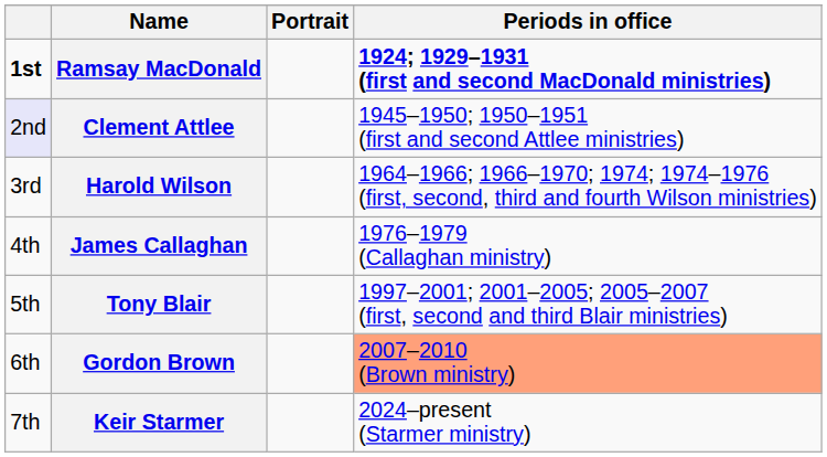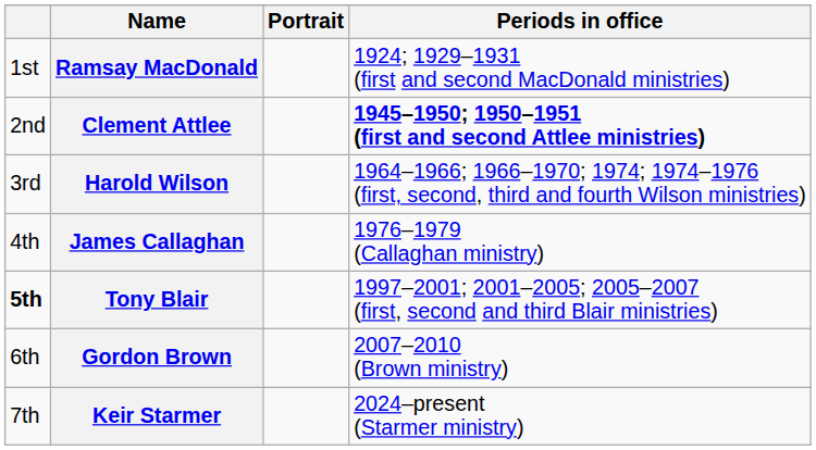 <table class="sortable wikitable plainrowheaders">
 <tr>
 </tr>
 <tr>
 <th scope="col"></th>
 <th scope="col">Name</th>
 <th scope="col">Portrait</th>
 <th scope="col">Periods in office</th>
 </tr>
 <tr>
-<td><strong>1st</strong></td>
+<td>1st</td>
 <th scope="row"><a href='#'>Ramsay MacDonald</a></th>
 <td></td>
-<td><strong><a href='#'>1924</a>; <a href='#'>1929</a>–<a href='#'>1931</a><br>(<a href='#'>first</a> <a href='#'>and second MacDonald ministries</a>)</strong></td>
+<td><a href='#'>1924</a>; <a href='#'>1929</a>–<a href='#'>1931</a><br>(<a href='#'>first</a> <a href='#'>and second MacDonald ministries</a>)</td>
 </tr>
 <tr>
-<td style="background: lavender;">2nd</td>
+<td>2nd</td>
 <th scope="row"><a href='#'>Clement Attlee</a></th>
 <td></td>
-<td><a href='#'>1945</a>–<a href='#'>1950</a>; <a href='#'>1950</a>–<a href='#'>1951</a><br>(<a href='#'>first and second Attlee ministries</a>)</td>
+<td><strong><a href='#'>1945</a>–<a href='#'>1950</a>; <a href='#'>1950</a>–<a href='#'>1951</a><br>(<a href='#'>first and second Attlee ministries</a>)</strong></td>
 </tr>
 <tr>
 <td>3rd</td>
 <th scope="row"><a href='#'>Harold Wilson</a></th>
 <td></td>
 <td><a href='#'>1964</a>–<a href='#'>1966</a>; <a href='#'>1966</a>–<a href='#'>1970</a>; <a href='#'>1974</a>; <a href='#'>1974</a>–<a href='#'>1976</a><br>(<a href='#'>first, second</a>, <a href='#'>third and fourth Wilson ministries</a>)</td>
 </tr>
 <tr>
 <td>4th</td>
 <th scope="row"><a href='#'>James Callaghan</a></th>
 <td></td>
 <td><a href='#'>1976</a>–<a href='#'>1979</a><br>(<a href='#'>Callaghan ministry</a>)</td>
 </tr>
 <tr>
-<td>5th</td>
+<td><strong>5th</strong></td>
 <th scope="row"><a href='#'>Tony Blair</a></th>
 <td></td>
 <td><a href='#'>1997</a>–<a href='#'>2001</a>; <a href='#'>2001</a>–<a href='#'>2005</a>; <a href='#'>2005</a>–<a href='#'>2007</a><br>(<a href='#'>first</a>, <a href='#'>second</a> <a href='#'>and third Blair ministries</a>)</td>
 </tr>
 <tr>
 <td>6th</td>
 <th scope="row"><a href='#'>Gordon Brown</a></th>
 <td></td>
-<td style="background: lightsalmon;"><a href='#'>2007</a>–<a href='#'>2010</a><br>(<a href='#'>Brown ministry</a>)</td>
+<td><a href='#'>2007</a>–<a href='#'>2010</a><br>(<a href='#'>Brown ministry</a>)</td>
 </tr>
 <tr>
 <td>7th</td>
 <th scope="row"><a href='#'>Keir Starmer</a></th>
 <td></td>
 <td><a href='#'>2024</a>–present<br>(<a href='#'>Starmer ministry</a>)</td>
 </tr>
 </table>
